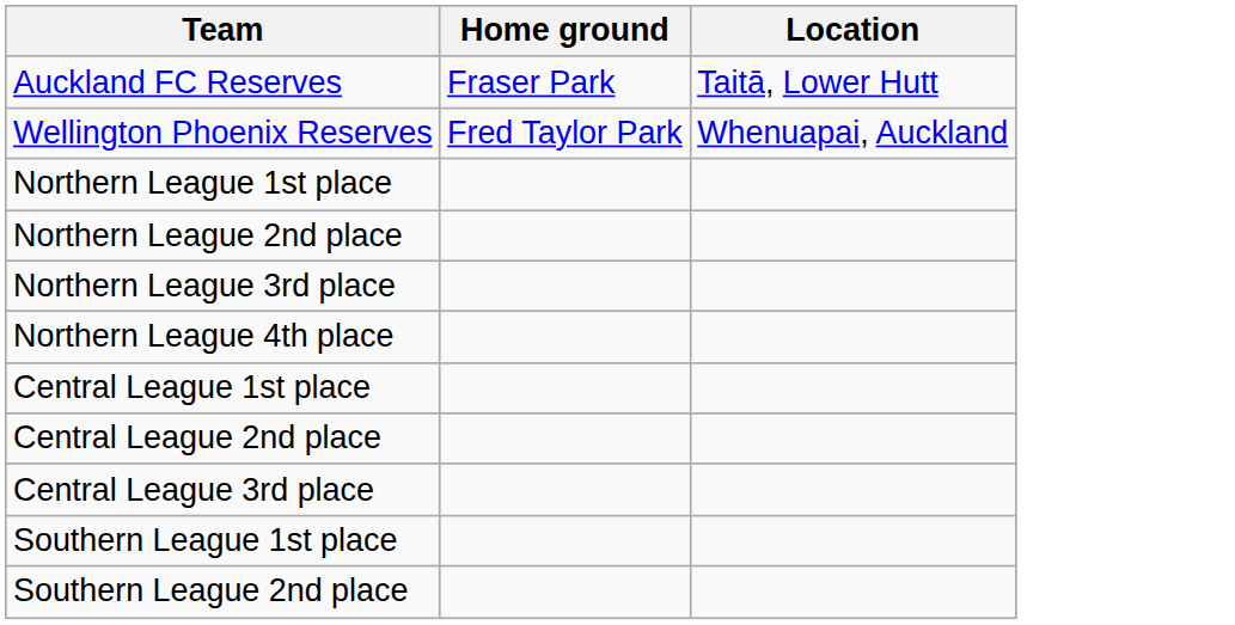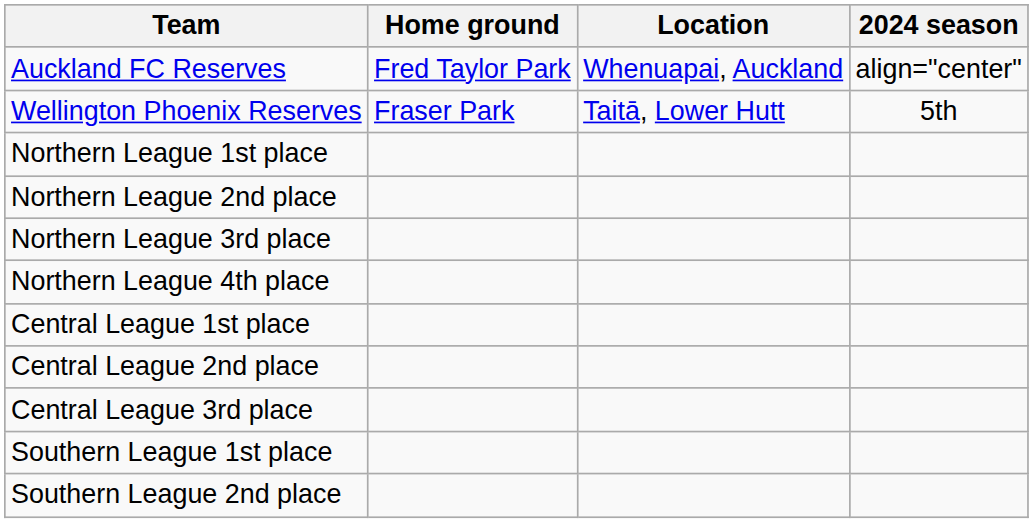 <table class="wikitable sortable">
 <tr>
 <th>Team</th>
 <th>Home ground</th>
 <th>Location</th>
+<th>2024 season</th>
 </tr>
 <tr>
 <td><a href='#'>Auckland FC Reserves</a></td>
-<td><a href='#'>Fraser Park</a></td>
-<td><a href='#'>Taitā</a>, <a href='#'>Lower Hutt</a></td>
+<td><a href='#'>Fred Taylor Park</a></td>
+<td><a href='#'>Whenuapai</a>, <a href='#'>Auckland</a></td>
+<td>align="center" </td>
 </tr>
 <tr>
 <td><a href='#'>Wellington Phoenix Reserves</a></td>
-<td><a href='#'>Fred Taylor Park</a></td>
-<td><a href='#'>Whenuapai</a>, <a href='#'>Auckland</a></td>
+<td><a href='#'>Fraser Park</a></td>
+<td><a href='#'>Taitā</a>, <a href='#'>Lower Hutt</a></td>
+<td align="center">5th</td>
 </tr>
 <tr>
 <td>Northern League 1st place</td>
+<td></td>
 <td></td>
 <td></td>
 </tr>
 <tr>
 <td>Northern League 2nd place</td>
 <td></td>
 <td></td>
+<td></td>
 </tr>
 <tr>
 <td>Northern League 3rd place</td>
+<td></td>
 <td></td>
 <td></td>
 </tr>
 <tr>
 <td>Northern League 4th place</td>
 <td></td>
 <td></td>
+<td></td>
 </tr>
 <tr>
 <td>Central League 1st place</td>
+<td></td>
 <td></td>
 <td></td>
 </tr>
 <tr>
 <td>Central League 2nd place</td>
 <td></td>
 <td></td>
+<td></td>
 </tr>
 <tr>
 <td>Central League 3rd place</td>
+<td></td>
 <td></td>
 <td></td>
 </tr>
 <tr>
 <td>Southern League 1st place</td>
 <td></td>
 <td></td>
+<td></td>
 </tr>
 <tr>
 <td>Southern League 2nd place</td>
 <td></td>
 <td></td>
+<td></td>
 </tr>
 </table>
